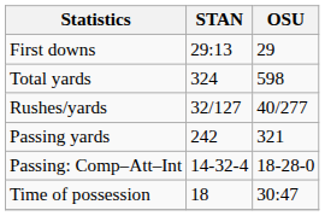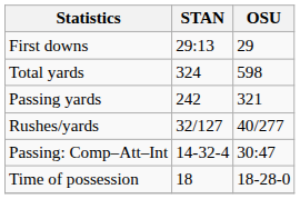 <table class="wikitable" style="float: left;">
 <tr>
 <th>Statistics</th>
 <th>STAN</th>
 <th>OSU</th>
 </tr>
 <tr>
 <td>First downs</td>
 <td>29:13</td>
 <td>29</td>
 </tr>
 <tr>
 <td>Total yards</td>
 <td>324</td>
 <td>598</td>
 </tr>
 <tr>
+<td>Passing yards</td>
+<td>242</td>
+<td>321</td>
+</tr>
+<tr>
 <td>Rushes/yards</td>
 <td>32/127</td>
 <td>40/277</td>
 </tr>
 <tr>
-<td>Passing yards</td>
-<td>242</td>
-<td>321</td>
-</tr>
-<tr>
 <td>Passing: Comp–Att–Int</td>
 <td>14-32-4</td>
-<td>18-28-0</td>
+<td>30:47</td>
 </tr>
 <tr>
 <td>Time of possession</td>
 <td>18</td>
-<td>30:47</td>
+<td>18-28-0</td>
 </tr>
 <tr>
 </tr>
 </table>
